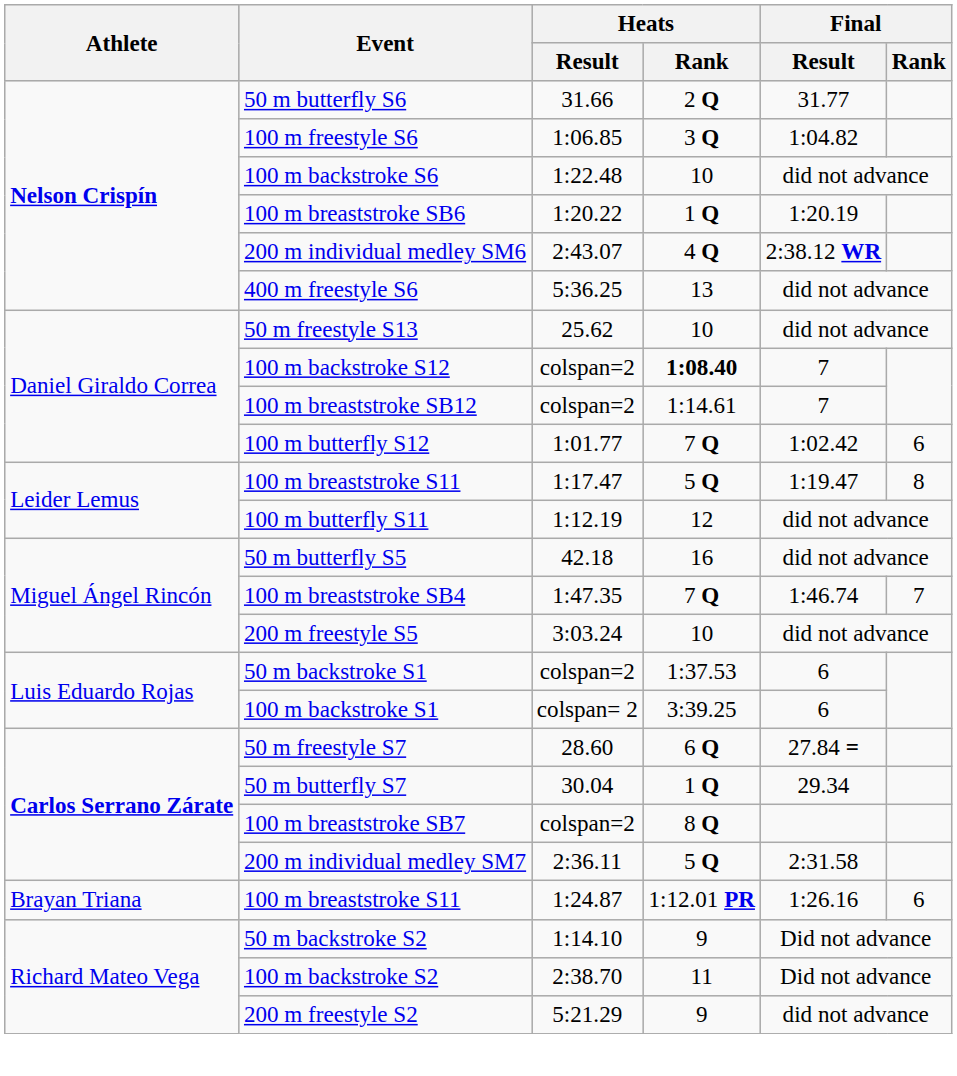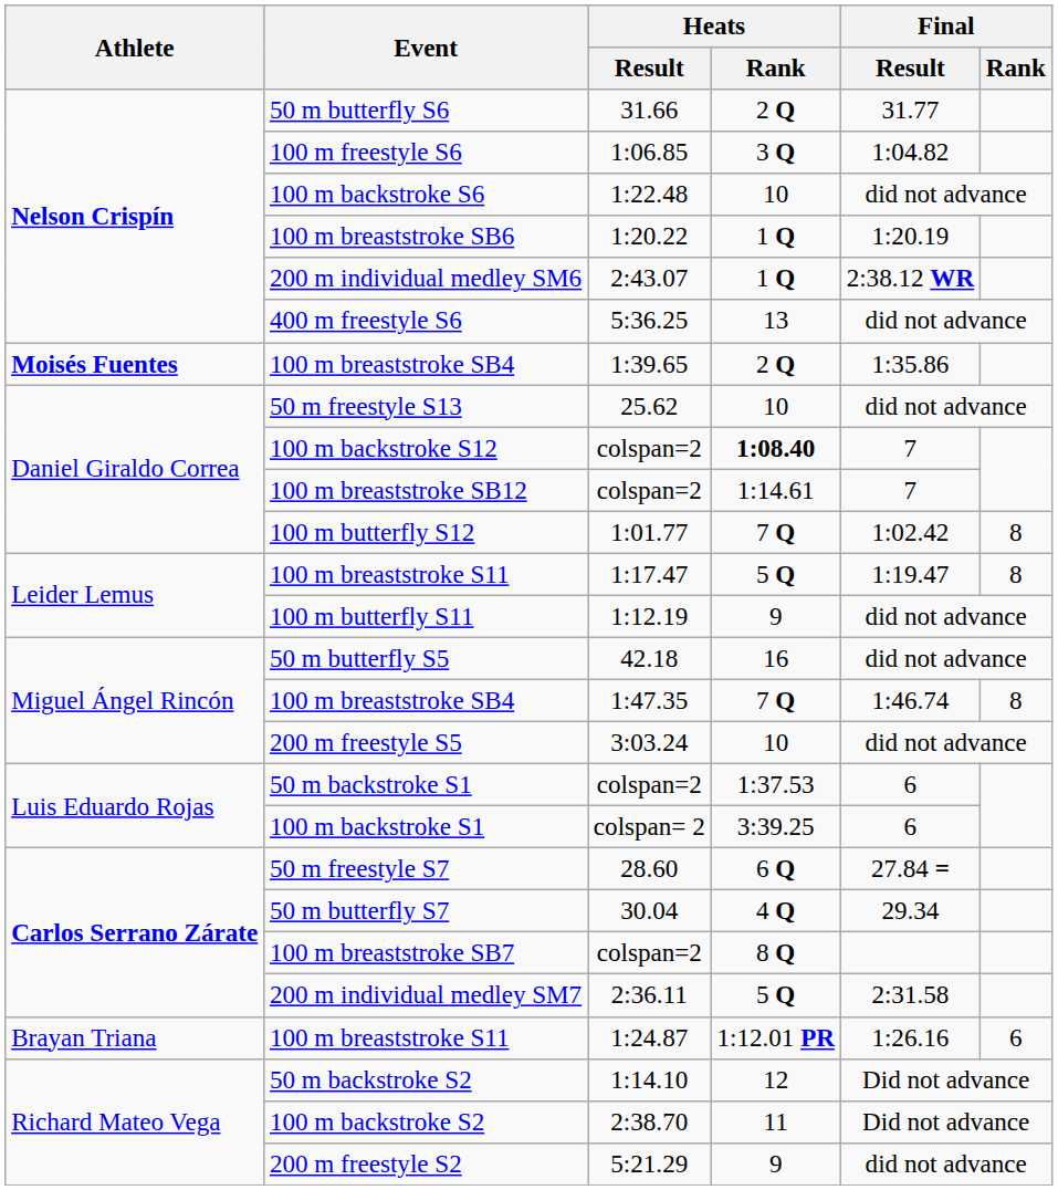 <table class=wikitable style="font-size:95%">
 <tr>
 <th rowspan="2">Athlete</th>
 <th rowspan="2">Event</th>
 <th colspan="2">Heats</th>
 <th colspan="2">Final</th>
 </tr>
 <tr>
 <th>Result</th>
 <th>Rank</th>
 <th>Result</th>
 <th>Rank</th>
 </tr>
 <tr align=center>
 <td rowspan=6 align=left><strong><a href='#'>Nelson Crispín</a></strong></td>
 <td align=left><a href='#'>50 m butterfly S6</a></td>
 <td>31.66</td>
 <td>2 <strong>Q</strong></td>
 <td>31.77</td>
 <td></td>
 </tr>
 <tr align=center>
 <td align=left><a href='#'>100 m freestyle S6</a></td>
 <td>1:06.85</td>
 <td>3 <strong>Q</strong></td>
 <td>1:04.82</td>
 <td></td>
 </tr>
 <tr align=center>
 <td align=left><a href='#'>100 m backstroke S6</a></td>
 <td>1:22.48</td>
 <td>10</td>
 <td colspan=2>did not advance</td>
 </tr>
 <tr align=center>
 <td align=left><a href='#'>100 m breaststroke SB6</a></td>
 <td>1:20.22</td>
 <td>1 <strong>Q</strong></td>
 <td>1:20.19</td>
 <td></td>
 </tr>
 <tr align=center>
 <td align=left><a href='#'>200 m individual medley SM6</a></td>
 <td>2:43.07</td>
-<td>4 <strong>Q</strong></td>
+<td>1 <strong>Q</strong></td>
 <td>2:38.12 <strong><a href='#'>WR</a></strong></td>
 <td></td>
 </tr>
 <tr align=center>
 <td align=left><a href='#'>400 m freestyle S6</a></td>
 <td>5:36.25</td>
 <td>13</td>
 <td colspan=2>did not advance</td>
+</tr>
+<tr align=center>
+<td align=left><strong><a href='#'>Moisés Fuentes</a></strong></td>
+<td align=left><a href='#'>100 m breaststroke SB4</a></td>
+<td>1:39.65</td>
+<td>2 <strong>Q</strong></td>
+<td>1:35.86</td>
+<td></td>
 </tr>
 <tr align=center>
 <td rowspan=4 align=left><a href='#'>Daniel Giraldo Correa</a></td>
 <td align=left><a href='#'>50 m freestyle S13</a></td>
 <td>25.62</td>
 <td>10</td>
 <td colspan=2>did not advance</td>
 </tr>
 <tr align=center>
 <td align=left><a href='#'>100 m backstroke S12</a></td>
 <td>colspan=2 </td>
 <td><strong>1:08.40</strong></td>
 <td>7</td>
 </tr>
 <tr align=center>
 <td align=left><a href='#'>100 m breaststroke SB12</a></td>
 <td>colspan=2 </td>
 <td>1:14.61</td>
 <td>7</td>
 </tr>
 <tr align=center>
 <td align=left><a href='#'>100 m butterfly S12</a></td>
 <td>1:01.77</td>
 <td>7 <strong>Q</strong></td>
 <td>1:02.42</td>
-<td>6</td>
+<td>8</td>
 </tr>
 <tr align=center>
 <td rowspan=2 align=left><a href='#'>Leider Lemus</a></td>
 <td align=left><a href='#'>100 m breaststroke S11</a></td>
 <td>1:17.47</td>
 <td>5 <strong>Q</strong></td>
 <td>1:19.47</td>
 <td>8</td>
 </tr>
 <tr align=center>
 <td align=left><a href='#'>100 m butterfly S11</a></td>
 <td>1:12.19</td>
-<td>12</td>
+<td>9</td>
 <td colspan=2>did not advance</td>
 </tr>
 <tr align=center>
 <td rowspan=3 align=left><a href='#'>Miguel Ángel Rincón</a></td>
 <td align=left><a href='#'>50 m butterfly S5</a></td>
 <td>42.18</td>
 <td>16</td>
 <td colspan=2>did not advance</td>
 </tr>
 <tr align=center>
 <td align=left><a href='#'>100 m breaststroke SB4</a></td>
 <td>1:47.35</td>
 <td>7 <strong>Q</strong></td>
 <td>1:46.74</td>
-<td>7</td>
+<td>8</td>
 </tr>
 <tr align=center>
 <td align=left><a href='#'>200 m freestyle S5</a></td>
 <td>3:03.24</td>
 <td>10</td>
 <td colspan=2>did not advance</td>
 </tr>
 <tr align=center>
 <td rowspan=2 align=left><a href='#'>Luis Eduardo Rojas</a></td>
 <td align=left><a href='#'>50 m backstroke S1</a></td>
 <td>colspan=2 </td>
 <td>1:37.53</td>
 <td>6</td>
 </tr>
 <tr align=center>
 <td align=left><a href='#'>100 m backstroke S1</a></td>
 <td>colspan= 2 </td>
 <td>3:39.25</td>
 <td>6</td>
 </tr>
 <tr align=center>
 <td rowspan=4 align=left><strong><a href='#'>Carlos Serrano Zárate</a></strong></td>
 <td align=left><a href='#'>50 m freestyle S7</a></td>
 <td>28.60</td>
 <td>6 <strong>Q</strong></td>
 <td>27.84 <strong>=</strong></td>
 <td></td>
 </tr>
 <tr align=center>
 <td align=left><a href='#'>50 m butterfly S7</a></td>
 <td>30.04</td>
-<td>1 <strong>Q</strong></td>
+<td>4 <strong>Q</strong></td>
 <td>29.34</td>
 <td></td>
 </tr>
 <tr align=center>
 <td align=left><a href='#'>100 m breaststroke SB7</a></td>
 <td>colspan=2 </td>
 <td>8 <strong>Q</strong></td>
 <td></td>
 </tr>
 <tr align=center>
 <td align=left><a href='#'>200 m individual medley SM7</a></td>
 <td>2:36.11</td>
 <td>5 <strong>Q</strong></td>
 <td>2:31.58</td>
 <td></td>
 </tr>
 <tr align=center>
 <td align=left><a href='#'>Brayan Triana</a></td>
 <td align=left><a href='#'>100 m breaststroke S11</a></td>
 <td>1:24.87</td>
 <td>1:12.01 <strong><a href='#'>PR</a></strong></td>
 <td>1:26.16</td>
 <td>6</td>
 </tr>
 <tr align=center>
 <td rowspan=3 align=left><a href='#'>Richard Mateo Vega</a></td>
 <td align=left><a href='#'>50 m backstroke S2</a></td>
 <td>1:14.10</td>
-<td>9</td>
+<td>12</td>
 <td colspan= 2>Did not advance</td>
 </tr>
 <tr align=center>
 <td align=left><a href='#'>100 m backstroke S2</a></td>
 <td>2:38.70</td>
 <td>11</td>
 <td colspan= 2>Did not advance</td>
 </tr>
 <tr align=center>
 <td align=left><a href='#'>200 m freestyle S2</a></td>
 <td>5:21.29</td>
 <td>9</td>
 <td colspan=2>did not advance</td>
 </tr>
 </table>
